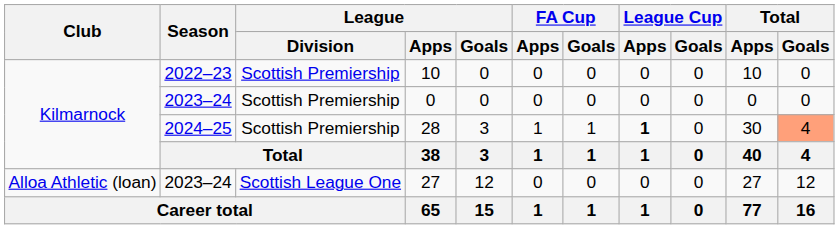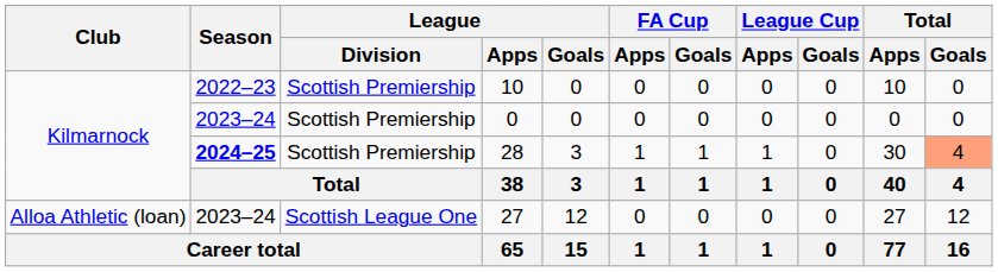 <table class="wikitable" style="text-align: center">
 <tr>
 <th rowspan="2">Club</th>
 <th rowspan="2">Season</th>
 <th colspan="3">League</th>
 <th colspan="2"><a href='#'>FA Cup</a></th>
 <th colspan="2"><a href='#'>League Cup</a></th>
 <th colspan="2">Total</th>
 </tr>
 <tr>
 <th>Division</th>
 <th>Apps</th>
 <th>Goals</th>
 <th>Apps</th>
 <th>Goals</th>
 <th>Apps</th>
 <th>Goals</th>
 <th>Apps</th>
 <th>Goals</th>
 </tr>
 <tr>
 <td rowspan="4"><a href='#'>Kilmarnock</a></td>
 <td><a href='#'>2022–23</a></td>
 <td><a href='#'>Scottish Premiership</a></td>
 <td>10</td>
 <td>0</td>
 <td>0</td>
 <td>0</td>
 <td>0</td>
 <td>0</td>
 <td>10</td>
 <td>0</td>
 </tr>
 <tr>
 <td><a href='#'>2023–24</a></td>
 <td>Scottish Premiership</td>
 <td>0</td>
 <td>0</td>
 <td>0</td>
 <td>0</td>
 <td>0</td>
 <td>0</td>
 <td>0</td>
 <td>0</td>
 </tr>
 <tr>
-<td><a href='#'>2024–25</a></td>
+<td><strong><a href='#'>2024–25</a></strong></td>
 <td>Scottish Premiership</td>
 <td>28</td>
 <td>3</td>
 <td>1</td>
 <td>1</td>
-<td><strong>1</strong></td>
+<td>1</td>
 <td>0</td>
 <td>30</td>
 <td style="background: lightsalmon;">4</td>
 </tr>
 <tr>
 <th colspan="2">Total</th>
 <th>38</th>
 <th>3</th>
 <th>1</th>
 <th>1</th>
 <th>1</th>
 <th>0</th>
 <th>40</th>
 <th>4</th>
 </tr>
 <tr>
 <td><a href='#'>Alloa Athletic</a> (loan)</td>
 <td>2023–24</td>
 <td><a href='#'>Scottish League One</a></td>
 <td>27</td>
 <td>12</td>
 <td>0</td>
 <td>0</td>
 <td>0</td>
 <td>0</td>
 <td>27</td>
 <td>12</td>
 </tr>
 <tr>
 <th colspan="3">Career total</th>
 <th>65</th>
 <th>15</th>
 <th>1</th>
 <th>1</th>
 <th>1</th>
 <th>0</th>
 <th>77</th>
 <th>16</th>
 </tr>
 </table>
